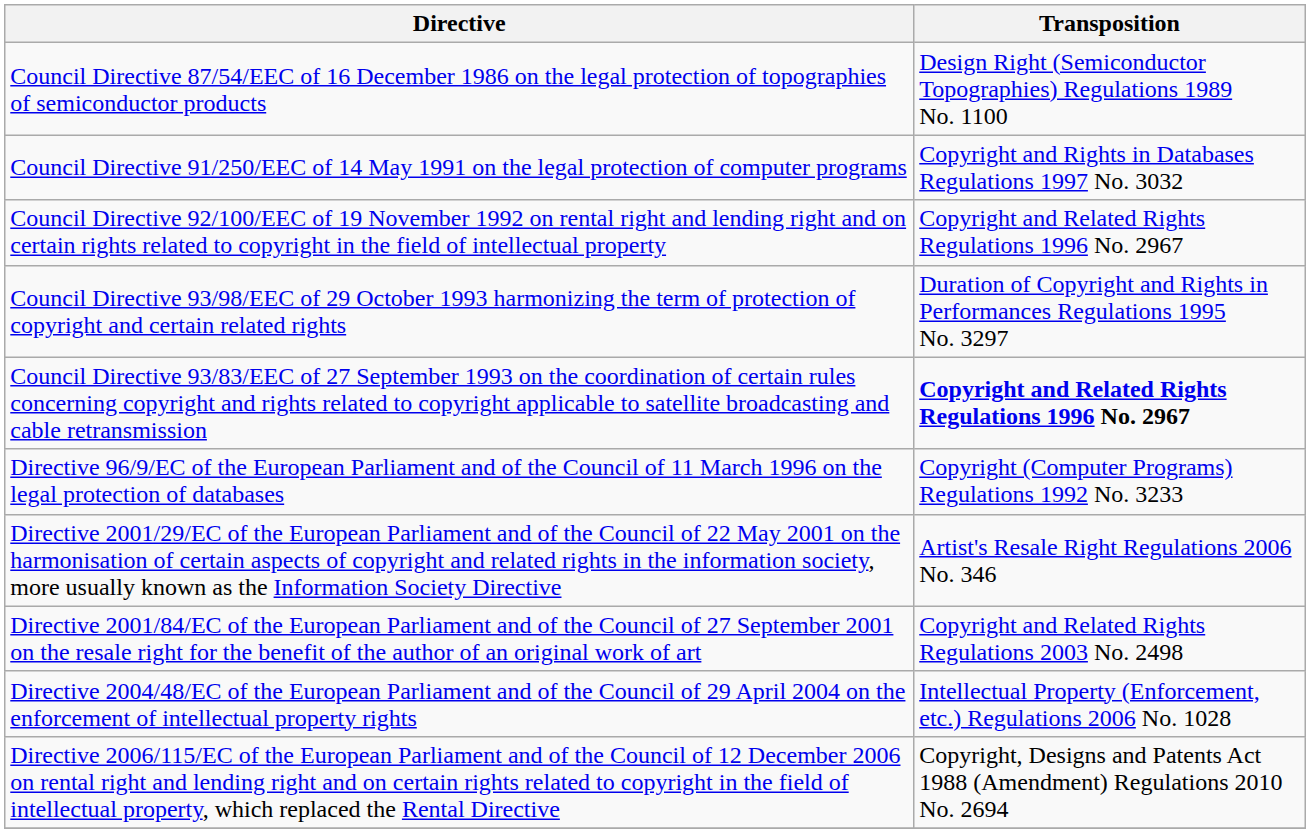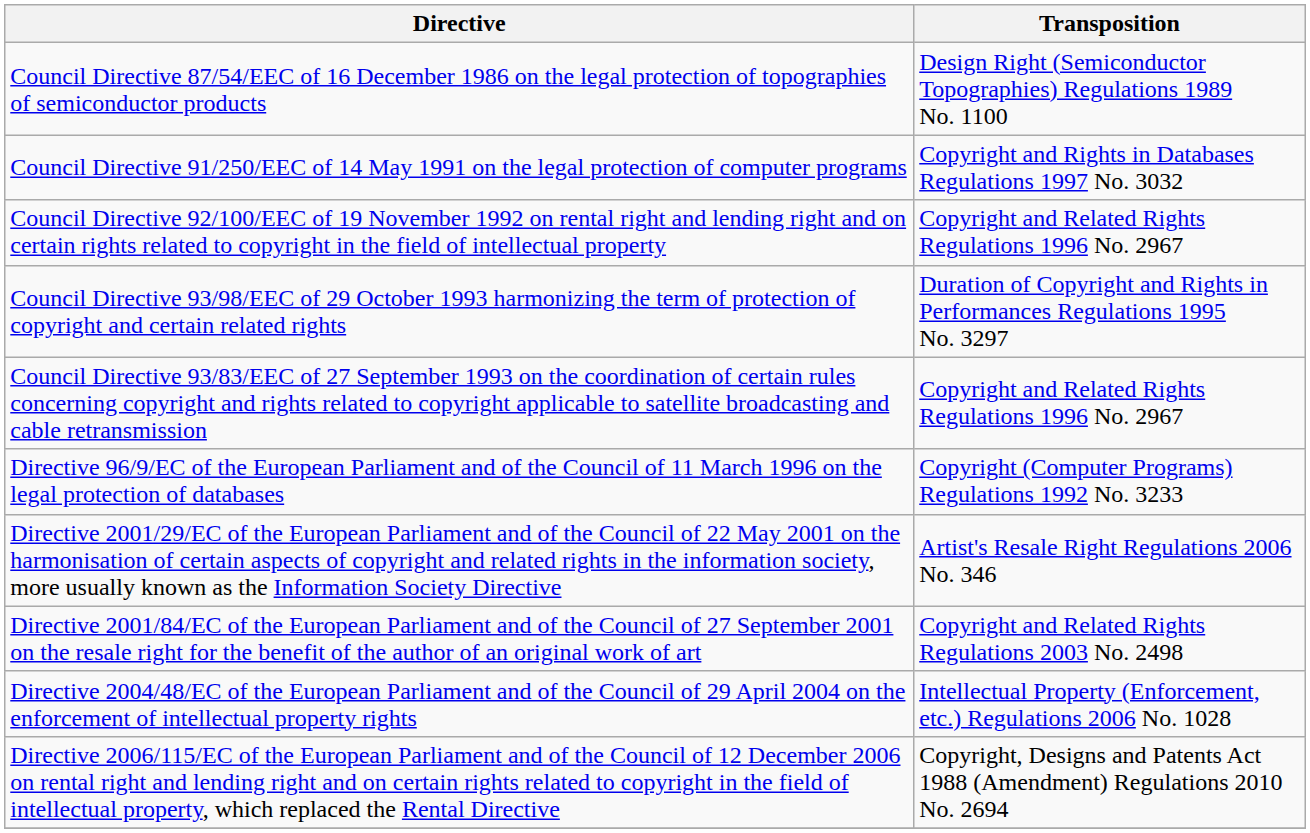 <table class="wikitable">
 <tr>
 <th>Directive</th>
 <th>Transposition</th>
 </tr>
 <tr>
 <td><a href='#'>Council Directive 87/54/EEC of 16 December 1986 on the legal protection of topographies of semiconductor products</a></td>
 <td><a href='#'>Design Right (Semiconductor Topographies) Regulations 1989</a> No. 1100</td>
 </tr>
 <tr>
 <td><a href='#'>Council Directive 91/250/EEC of 14 May 1991 on the legal protection of computer programs</a></td>
 <td><a href='#'>Copyright and Rights in Databases Regulations 1997</a> No. 3032</td>
 </tr>
 <tr>
 <td><a href='#'>Council Directive 92/100/EEC of 19 November 1992 on rental right and lending right and on certain rights related to copyright in the field of intellectual property</a></td>
 <td><a href='#'>Copyright and Related Rights Regulations 1996</a> No. 2967</td>
 </tr>
 <tr>
 <td><a href='#'>Council Directive 93/98/EEC of 29 October 1993 harmonizing the term of protection of copyright and certain related rights</a></td>
 <td><a href='#'>Duration of Copyright and Rights in Performances Regulations 1995</a> No. 3297</td>
 </tr>
 <tr>
 <td><a href='#'>Council Directive 93/83/EEC of 27 September 1993 on the coordination of certain rules concerning copyright and rights related to copyright applicable to satellite broadcasting and cable retransmission</a></td>
-<td><strong><a href='#'>Copyright and Related Rights Regulations 1996</a> No. 2967</strong></td>
+<td><a href='#'>Copyright and Related Rights Regulations 1996</a> No. 2967</td>
 </tr>
 <tr>
 <td><a href='#'>Directive 96/9/EC of the European Parliament and of the Council of 11 March 1996 on the legal protection of databases</a></td>
 <td><a href='#'>Copyright (Computer Programs) Regulations 1992</a> No. 3233</td>
 </tr>
 <tr>
 <td><a href='#'>Directive 2001/29/EC of the European Parliament and of the Council of 22 May 2001 on the harmonisation of certain aspects of copyright and related rights in the information society</a>, more usually known as the <a href='#'>Information Society Directive</a></td>
 <td><a href='#'>Artist's Resale Right Regulations 2006</a> No. 346</td>
 </tr>
 <tr>
 <td><a href='#'>Directive 2001/84/EC of the European Parliament and of the Council of 27 September 2001 on the resale right for the benefit of the author of an original work of art</a></td>
 <td><a href='#'>Copyright and Related Rights Regulations 2003</a> No. 2498</td>
 </tr>
 <tr>
 <td><a href='#'>Directive 2004/48/EC of the European Parliament and of the Council of 29 April 2004 on the enforcement of intellectual property rights</a></td>
 <td><a href='#'>Intellectual Property (Enforcement, etc.) Regulations 2006</a> No. 1028</td>
 </tr>
 <tr>
 <td><a href='#'>Directive 2006/115/EC of the European Parliament and of the Council of 12 December 2006 on rental right and lending right and on certain rights related to copyright in the field of intellectual property</a>, which replaced the <a href='#'>Rental Directive</a></td>
 <td>Copyright, Designs and Patents Act 1988 (Amendment) Regulations 2010 No. 2694</td>
 </tr>
 <tr>
 </tr>
 </table>
